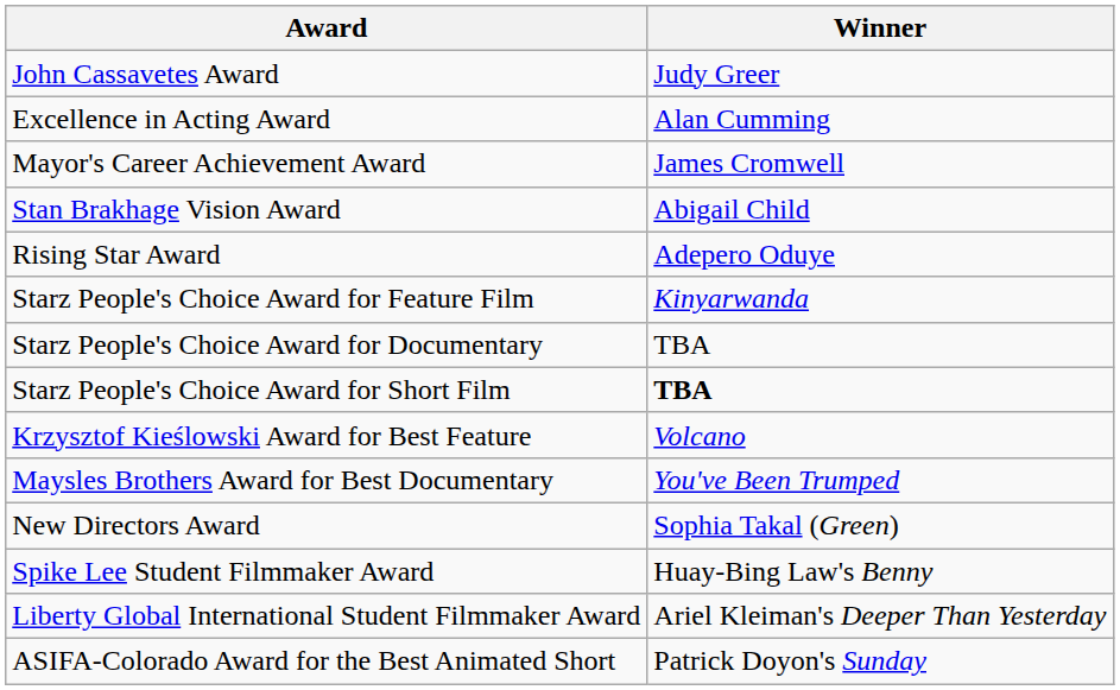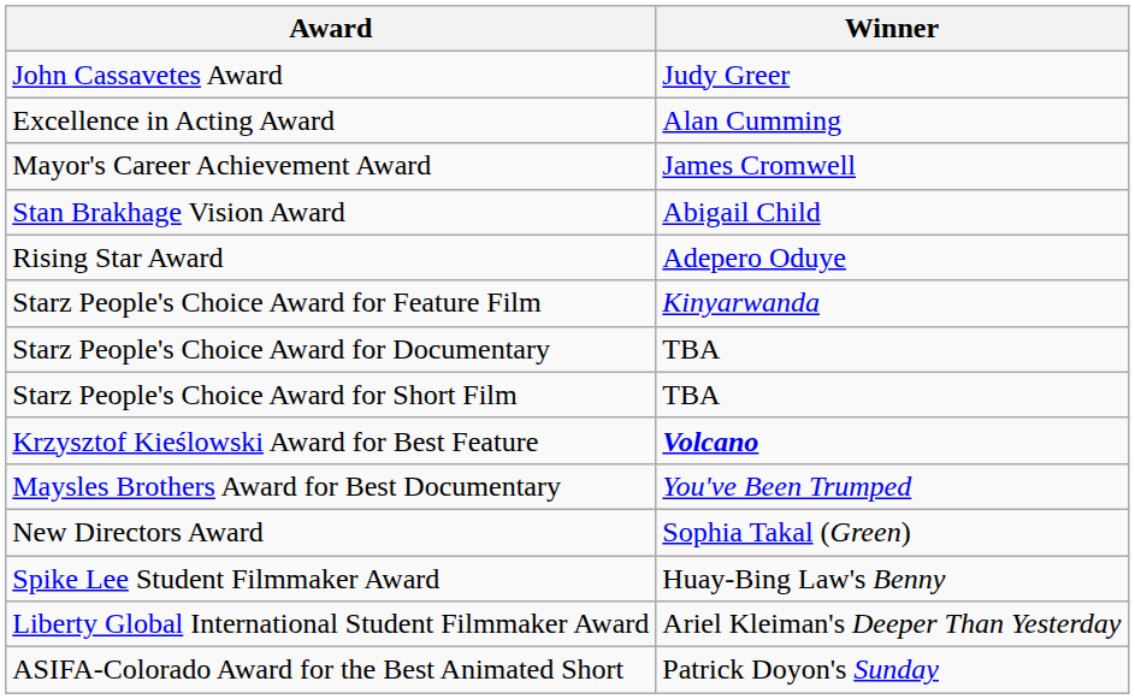 <table class="wikitable">
 <tr>
 <th>Award</th>
 <th>Winner</th>
 </tr>
 <tr>
 <td><a href='#'>John Cassavetes</a> Award</td>
 <td><a href='#'>Judy Greer</a></td>
 </tr>
 <tr>
 <td>Excellence in Acting Award</td>
 <td><a href='#'>Alan Cumming</a></td>
 </tr>
 <tr>
 <td>Mayor's Career Achievement Award</td>
 <td><a href='#'>James Cromwell</a></td>
 </tr>
 <tr>
 <td><a href='#'>Stan Brakhage</a> Vision Award</td>
 <td><a href='#'>Abigail Child</a></td>
 </tr>
 <tr>
 <td>Rising Star Award</td>
 <td><a href='#'>Adepero Oduye</a></td>
 </tr>
 <tr>
 <td>Starz People's Choice Award for Feature Film</td>
 <td><em><a href='#'>Kinyarwanda</a></em></td>
 </tr>
 <tr>
 <td>Starz People's Choice Award for Documentary</td>
 <td>TBA</td>
 </tr>
 <tr>
 <td>Starz People's Choice Award for Short Film</td>
-<td><strong>TBA</strong></td>
+<td>TBA</td>
 </tr>
 <tr>
 <td><a href='#'>Krzysztof Kieślowski</a> Award for Best Feature</td>
-<td><a href='#'><em>Volcano</em></a></td>
+<td><strong><a href='#'><em>Volcano</em></a></strong></td>
 </tr>
 <tr>
 <td><a href='#'>Maysles Brothers</a> Award for Best Documentary</td>
 <td><em><a href='#'>You've Been Trumped</a></em></td>
 </tr>
 <tr>
 <td>New Directors Award</td>
 <td><a href='#'>Sophia Takal</a> (<em>Green</em>)</td>
 </tr>
 <tr>
 <td><a href='#'>Spike Lee</a> Student Filmmaker Award</td>
 <td>Huay-Bing Law's <em>Benny</em></td>
 </tr>
 <tr>
 <td><a href='#'>Liberty Global</a> International Student Filmmaker Award</td>
 <td>Ariel Kleiman's <em>Deeper Than Yesterday</em></td>
 </tr>
 <tr>
 <td>ASIFA-Colorado Award for the Best Animated Short</td>
 <td>Patrick Doyon's <em><a href='#'>Sunday</a></em></td>
 </tr>
 </table>
